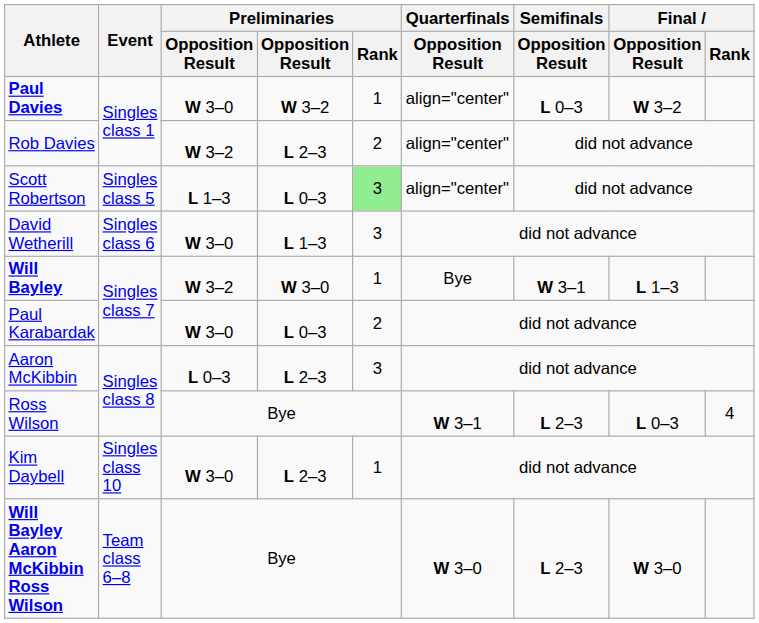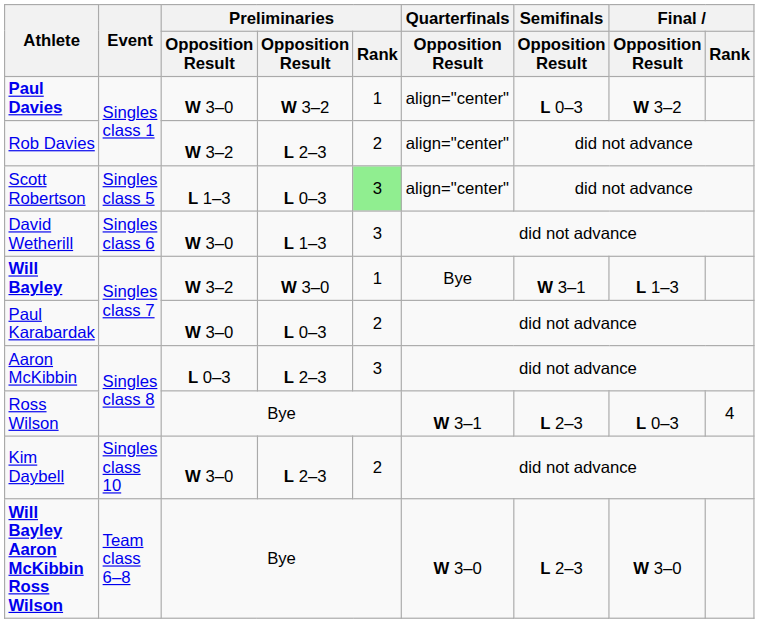 <table class=wikitable style="font-size:90%">
 <tr>
 <th rowspan="2">Athlete</th>
 <th rowspan="2">Event</th>
 <th colspan="3">Preliminaries</th>
 <th>Quarterfinals</th>
 <th>Semifinals</th>
 <th colspan="2">Final / </th>
 </tr>
 <tr>
 <th>Opposition<br>Result</th>
 <th>Opposition<br>Result</th>
 <th>Rank</th>
 <th>Opposition<br>Result</th>
 <th>Opposition<br>Result</th>
 <th>Opposition<br>Result</th>
 <th>Rank</th>
 </tr>
 <tr>
 <td><strong><a href='#'>Paul Davies</a></strong></td>
 <td rowspan="2"><a href='#'>Singles class 1</a></td>
 <td align="center"><br><strong>W</strong> 3–0</td>
 <td align="center"><br><strong>W</strong> 3–2</td>
 <td align="center">1</td>
 <td>align="center" </td>
 <td align="center"><br><strong>L</strong> 0–3</td>
 <td align="center"><br><strong>W</strong> 3–2</td>
 <td align="center"></td>
 </tr>
 <tr>
 <td><a href='#'>Rob Davies</a></td>
 <td align="center"><br><strong>W</strong> 3–2</td>
 <td align="center"><br><strong>L</strong> 2–3</td>
 <td align="center">2</td>
 <td>align="center" </td>
 <td align="center" colspan=3>did not advance</td>
 </tr>
 <tr>
 <td><a href='#'>Scott Robertson</a></td>
 <td><a href='#'>Singles class 5</a></td>
 <td align="center"><br><strong>L</strong> 1–3</td>
 <td align="center"><br><strong>L</strong> 0–3</td>
 <td align="center" style="background: lightgreen;">3</td>
 <td>align="center" </td>
 <td align="center" colspan=3>did not advance</td>
 </tr>
 <tr>
 <td><a href='#'>David Wetherill</a></td>
 <td><a href='#'>Singles class 6</a></td>
 <td align="center"><br><strong>W</strong> 3–0</td>
 <td align="center"><br><strong>L</strong> 1–3</td>
 <td align="center">3</td>
 <td align="center" colspan=4>did not advance</td>
 </tr>
 <tr>
 <td><strong><a href='#'>Will Bayley</a></strong></td>
 <td rowspan="2"><a href='#'>Singles class 7</a></td>
 <td align="center"><br><strong>W</strong> 3–2</td>
 <td align="center"><br><strong>W</strong> 3–0</td>
 <td align="center">1</td>
 <td align="center">Bye</td>
 <td align="center"><br><strong>W</strong> 3–1</td>
 <td align="center"><br><strong>L</strong> 1–3</td>
 <td align="center"></td>
 </tr>
 <tr>
 <td><a href='#'>Paul Karabardak</a></td>
 <td align="center"><br><strong>W</strong> 3–0</td>
 <td align="center"><br><strong>L</strong> 0–3</td>
 <td align="center">2</td>
 <td align="center" colspan=4>did not advance</td>
 </tr>
 <tr>
 <td><a href='#'>Aaron McKibbin</a></td>
 <td rowspan="2"><a href='#'>Singles class 8</a></td>
 <td align="center"><br><strong>L</strong> 0–3</td>
 <td align="center"><br><strong>L</strong> 2–3</td>
 <td align="center">3</td>
 <td align="center" colspan=4>did not advance</td>
 </tr>
 <tr>
 <td><a href='#'>Ross Wilson</a></td>
 <td align="center" colspan="3">Bye</td>
 <td align="center"><br><strong>W</strong> 3–1</td>
 <td align="center"><br><strong>L</strong> 2–3</td>
 <td align="center"><br><strong>L</strong> 0–3</td>
 <td align="center">4</td>
 </tr>
 <tr>
 <td><a href='#'>Kim Daybell</a></td>
 <td><a href='#'>Singles class 10</a></td>
 <td align="center"><br><strong>W</strong> 3–0</td>
 <td align="center"><br><strong>L</strong> 2–3</td>
-<td align="center">1</td>
+<td align="center">2</td>
 <td align="center" colspan=4>did not advance</td>
 </tr>
 <tr>
 <td><strong><a href='#'>Will Bayley</a><br><a href='#'>Aaron McKibbin</a><br><a href='#'>Ross Wilson</a></strong></td>
 <td><a href='#'>Team class 6–8</a></td>
 <td align="center" colspan="3">Bye</td>
 <td align="center"><br><strong>W</strong> 3–0</td>
 <td align="center"><br><strong>L</strong> 2–3</td>
 <td align="center"><br><strong>W</strong> 3–0</td>
 <td align="center"></td>
 </tr>
 </table>
